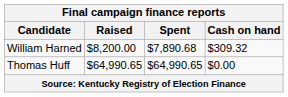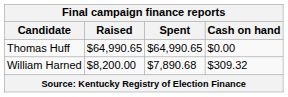 <table class="wikitable sortable">
 <tr>
 <th colspan=4>Final campaign finance reports</th>
 </tr>
 <tr style="text-align:center;">
 <th>Candidate</th>
 <th>Raised</th>
 <th>Spent</th>
 <th>Cash on hand</th>
 </tr>
 <tr>
+<td>Thomas Huff</td>
+<td>$64,990.65</td>
+<td>$64,990.65</td>
+<td>$0.00</td>
+</tr>
+<tr>
 <td>William Harned</td>
 <td>$8,200.00</td>
 <td>$7,890.68</td>
 <td>$309.32</td>
 </tr>
 <tr>
-<td>Thomas Huff</td>
-<td>$64,990.65</td>
-<td>$64,990.65</td>
-<td>$0.00</td>
-</tr>
-<tr>
 <th colspan="4"><small>Source: Kentucky Registry of Election Finance</small></th>
 </tr>
 </table>
